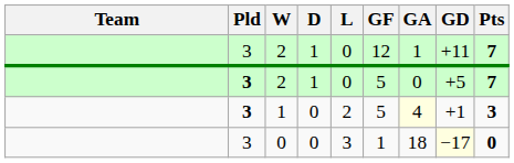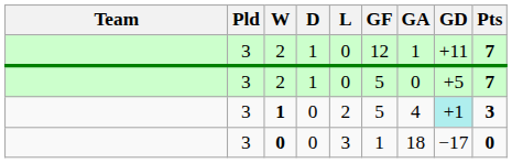 <table class="wikitable" style="text-align:center;">
 <tr>
 <th width=180>Team</th>
 <th width=20>Pld</th>
 <th width=20>W</th>
 <th width=20>D</th>
 <th width=20>L</th>
 <th width=20>GF</th>
 <th width=20>GA</th>
 <th width=20>GD</th>
 <th width=20>Pts</th>
 </tr>
 <tr bgcolor="ccffcc">
 <td align="left"></td>
 <td>3</td>
 <td>2</td>
 <td>1</td>
 <td>0</td>
 <td>12</td>
 <td>1</td>
 <td>+11</td>
 <td><strong>7</strong></td>
 </tr>
 <tr style="border-bottom:3px solid green;">
 </tr>
 <tr bgcolor="ccffcc">
 <td align="left"></td>
-<td><strong>3</strong></td>
+<td>3</td>
 <td>2</td>
 <td>1</td>
 <td>0</td>
 <td>5</td>
 <td>0</td>
 <td>+5</td>
 <td><strong>7</strong></td>
 </tr>
 <tr>
 <td align="left"><em></em></td>
-<td><strong>3</strong></td>
-<td>1</td>
+<td>3</td>
+<td><strong>1</strong></td>
 <td>0</td>
 <td>2</td>
 <td>5</td>
-<td style="background: lightyellow;">4</td>
-<td>+1</td>
+<td>4</td>
+<td style="background: paleturquoise;">+1</td>
 <td><strong>3</strong></td>
 </tr>
 <tr>
 <td align="left"></td>
 <td>3</td>
-<td>0</td>
+<td><strong>0</strong></td>
 <td>0</td>
 <td>3</td>
 <td>1</td>
 <td>18</td>
-<td style="background: lightyellow;">−17</td>
+<td>−17</td>
 <td><strong>0</strong></td>
 </tr>
 </table>
